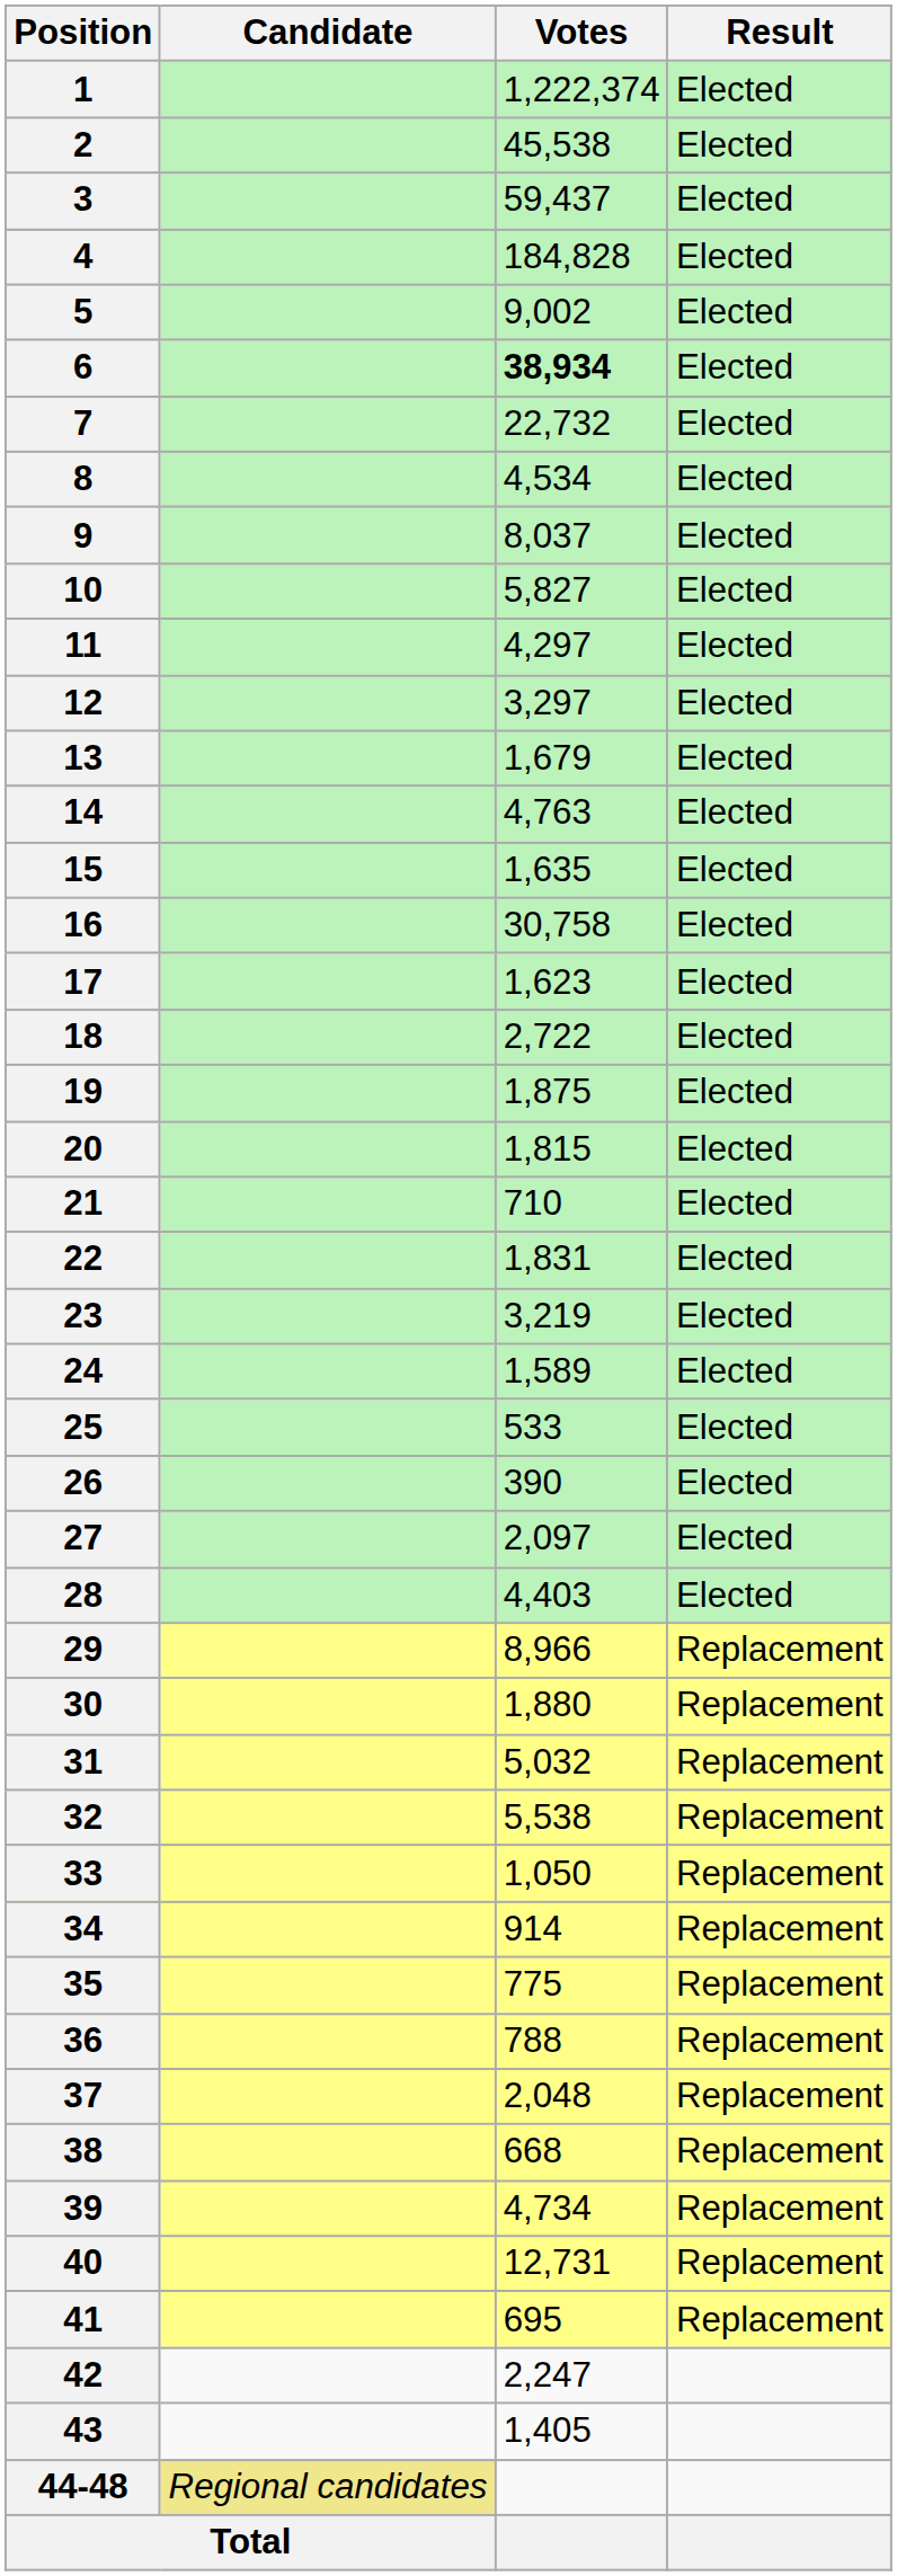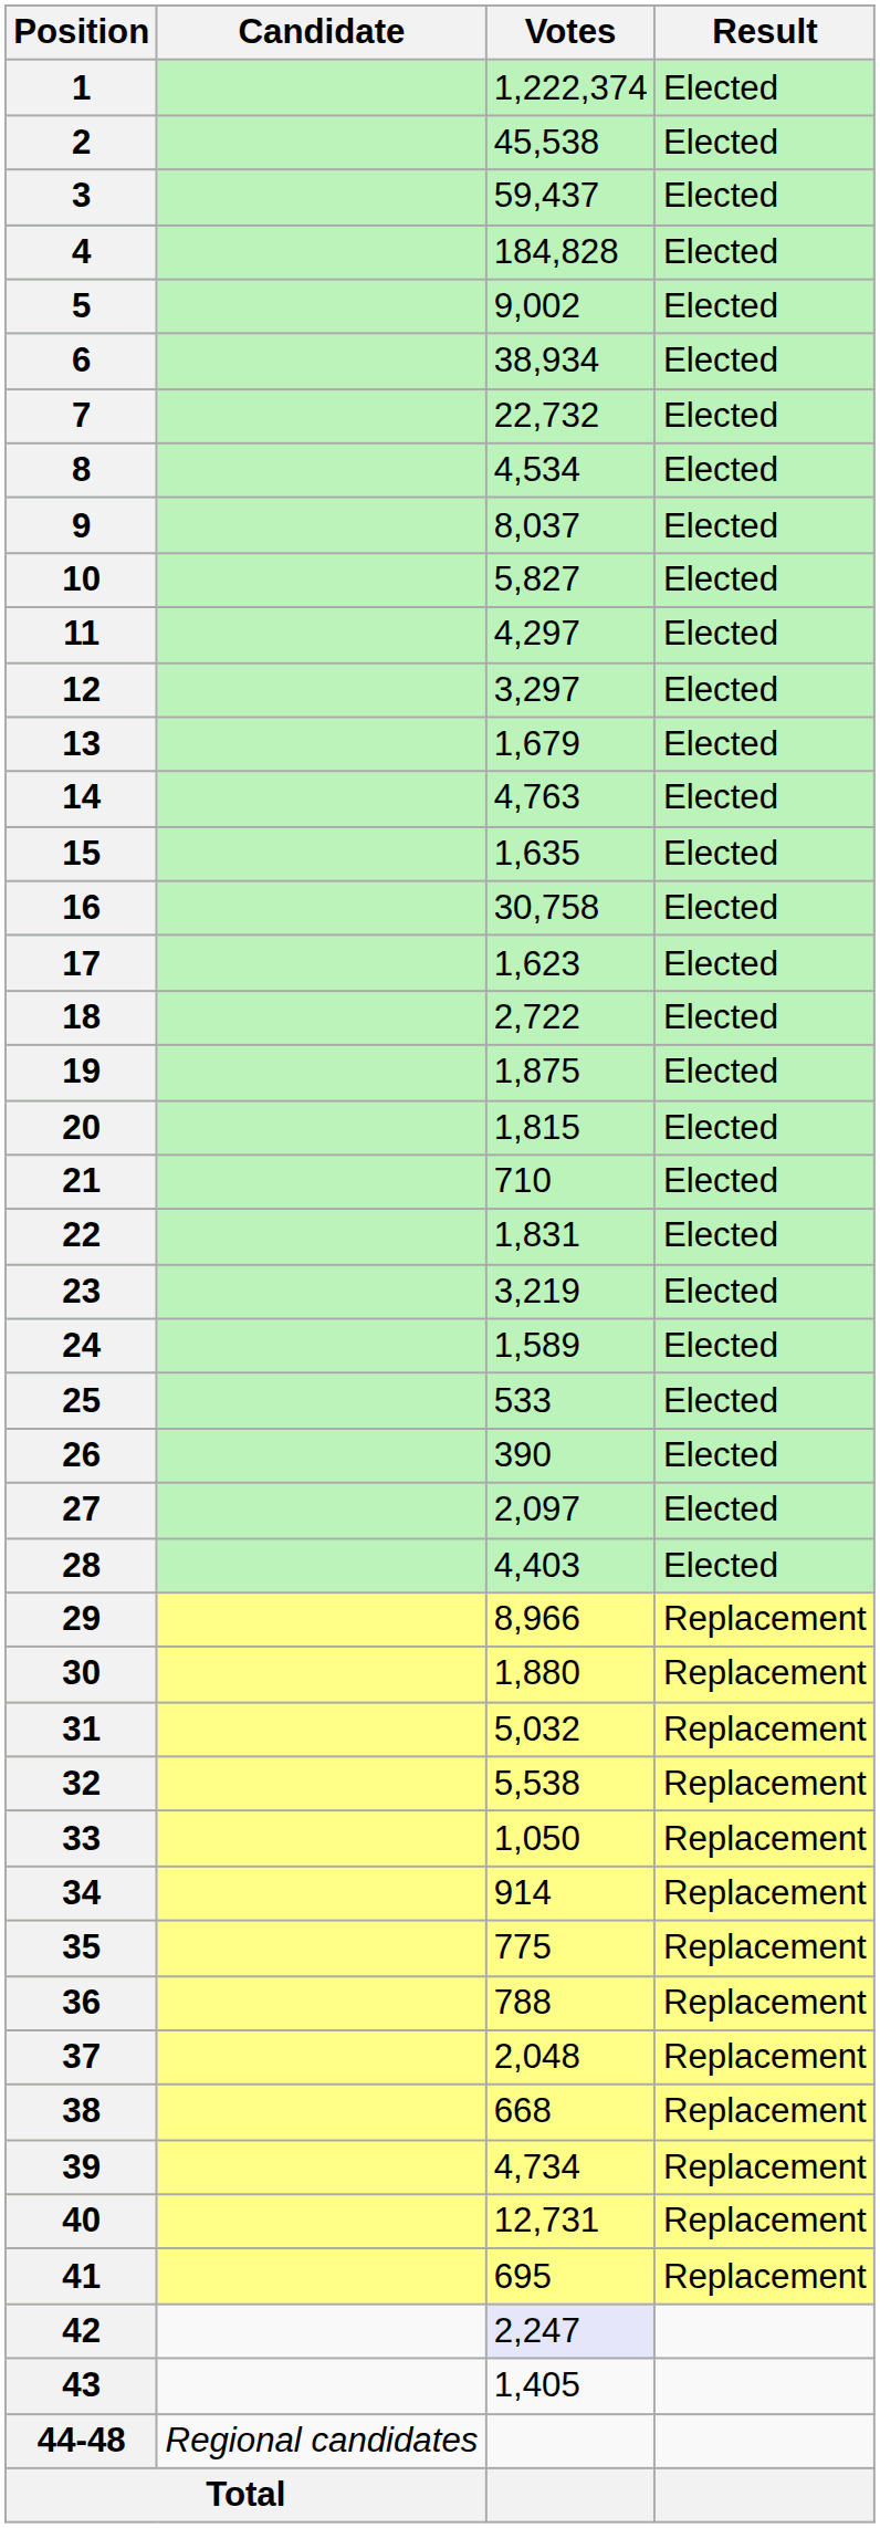 <table class="wikitable sortable col3right">
 <tr>
 <th scope="col">Position</th>
 <th scope="col">Candidate</th>
 <th scope="col">Votes</th>
 <th scope="col">Result</th>
 </tr>
 <tr bgcolor=bbf3bb>
 <th scope="row">1</th>
 <td></td>
 <td>1,222,374</td>
 <td>Elected</td>
 </tr>
 <tr bgcolor=bbf3bb>
 <th scope="row">2</th>
 <td></td>
 <td>45,538</td>
 <td>Elected</td>
 </tr>
 <tr bgcolor=bbf3bb>
 <th scope="row">3</th>
 <td></td>
 <td>59,437</td>
 <td>Elected</td>
 </tr>
 <tr bgcolor=bbf3bb>
 <th scope="row">4</th>
 <td></td>
 <td>184,828</td>
 <td>Elected</td>
 </tr>
 <tr bgcolor=bbf3bb>
 <th scope="row">5</th>
 <td></td>
 <td>9,002</td>
 <td>Elected</td>
 </tr>
 <tr bgcolor=bbf3bb>
 <th scope="row">6</th>
 <td></td>
-<td><strong>38,934</strong></td>
+<td>38,934</td>
 <td>Elected</td>
 </tr>
 <tr bgcolor=bbf3bb>
 <th scope="row">7</th>
 <td></td>
 <td>22,732</td>
 <td>Elected</td>
 </tr>
 <tr bgcolor=bbf3bb>
 <th scope="row">8</th>
 <td></td>
 <td>4,534</td>
 <td>Elected</td>
 </tr>
 <tr bgcolor=bbf3bb>
 <th scope="row">9</th>
 <td></td>
 <td>8,037</td>
 <td>Elected</td>
 </tr>
 <tr bgcolor=bbf3bb>
 <th scope="row">10</th>
 <td></td>
 <td>5,827</td>
 <td>Elected</td>
 </tr>
 <tr bgcolor=bbf3bb>
 <th scope="row">11</th>
 <td></td>
 <td>4,297</td>
 <td>Elected</td>
 </tr>
 <tr bgcolor=bbf3bb>
 <th scope="row">12</th>
 <td></td>
 <td>3,297</td>
 <td>Elected</td>
 </tr>
 <tr bgcolor=bbf3bb>
 <th scope="row">13</th>
 <td></td>
 <td>1,679</td>
 <td>Elected</td>
 </tr>
 <tr bgcolor=bbf3bb>
 <th scope="row">14</th>
 <td></td>
 <td>4,763</td>
 <td>Elected</td>
 </tr>
 <tr bgcolor=bbf3bb>
 <th scope="row">15</th>
 <td></td>
 <td>1,635</td>
 <td>Elected</td>
 </tr>
 <tr bgcolor=bbf3bb>
 <th scope="row">16</th>
 <td></td>
 <td>30,758</td>
 <td>Elected</td>
 </tr>
 <tr bgcolor=bbf3bb>
 <th scope="row">17</th>
 <td></td>
 <td>1,623</td>
 <td>Elected</td>
 </tr>
 <tr bgcolor=bbf3bb>
 <th scope="row">18</th>
 <td></td>
 <td>2,722</td>
 <td>Elected</td>
 </tr>
 <tr bgcolor=bbf3bb>
 <th scope="row">19</th>
 <td></td>
 <td>1,875</td>
 <td>Elected</td>
 </tr>
 <tr bgcolor=bbf3bb>
 <th scope="row">20</th>
 <td></td>
 <td>1,815</td>
 <td>Elected</td>
 </tr>
 <tr bgcolor=bbf3bb>
 <th scope="row">21</th>
 <td></td>
 <td>710</td>
 <td>Elected</td>
 </tr>
 <tr bgcolor=bbf3bb>
 <th scope="row">22</th>
 <td></td>
 <td>1,831</td>
 <td>Elected</td>
 </tr>
 <tr bgcolor=bbf3bb>
 <th scope="row">23</th>
 <td></td>
 <td>3,219</td>
 <td>Elected</td>
 </tr>
 <tr bgcolor=bbf3bb>
 <th scope="row">24</th>
 <td></td>
 <td>1,589</td>
 <td>Elected</td>
 </tr>
 <tr bgcolor=bbf3bb>
 <th scope="row">25</th>
 <td></td>
 <td>533</td>
 <td>Elected</td>
 </tr>
 <tr bgcolor=bbf3bb>
 <th scope="row">26</th>
 <td></td>
 <td>390</td>
 <td>Elected</td>
 </tr>
 <tr bgcolor=bbf3bb>
 <th scope="row">27</th>
 <td></td>
 <td>2,097</td>
 <td>Elected</td>
 </tr>
 <tr bgcolor=bbf3bb>
 <th scope="row">28</th>
 <td></td>
 <td>4,403</td>
 <td>Elected</td>
 </tr>
 <tr bgcolor=#FF8>
 <th scope="row">29</th>
 <td></td>
 <td>8,966</td>
 <td>Replacement</td>
 </tr>
 <tr bgcolor=#FF8>
 <th scope="row">30</th>
 <td></td>
 <td>1,880</td>
 <td>Replacement</td>
 </tr>
 <tr bgcolor=#FF8>
 <th scope="row">31</th>
 <td></td>
 <td>5,032</td>
 <td>Replacement</td>
 </tr>
 <tr bgcolor=#FF8>
 <th scope="row">32</th>
 <td></td>
 <td>5,538</td>
 <td>Replacement</td>
 </tr>
 <tr bgcolor=#FF8>
 <th scope="row">33</th>
 <td></td>
 <td>1,050</td>
 <td>Replacement</td>
 </tr>
 <tr bgcolor=#FF8>
 <th scope="row">34</th>
 <td></td>
 <td>914</td>
 <td>Replacement</td>
 </tr>
 <tr bgcolor=#FF8>
 <th scope="row">35</th>
 <td></td>
 <td>775</td>
 <td>Replacement</td>
 </tr>
 <tr bgcolor=#FF8>
 <th scope="row">36</th>
 <td></td>
 <td>788</td>
 <td>Replacement</td>
 </tr>
 <tr bgcolor=#FF8>
 <th scope="row">37</th>
 <td></td>
 <td>2,048</td>
 <td>Replacement</td>
 </tr>
 <tr bgcolor=#FF8>
 <th scope="row">38</th>
 <td></td>
 <td>668</td>
 <td>Replacement</td>
 </tr>
 <tr bgcolor=#FF8>
 <th scope="row">39</th>
 <td></td>
 <td>4,734</td>
 <td>Replacement</td>
 </tr>
 <tr bgcolor=#FF8>
 <th scope="row">40</th>
 <td></td>
 <td>12,731</td>
 <td>Replacement</td>
 </tr>
 <tr bgcolor=#FF8>
 <th scope="row">41</th>
 <td></td>
 <td>695</td>
 <td>Replacement</td>
 </tr>
 <tr>
 <th scope="row">42</th>
 <td></td>
-<td>2,247</td>
+<td style="background: lavender;">2,247</td>
 <td></td>
 </tr>
 <tr>
 <th scope="row">43</th>
 <td></td>
 <td>1,405</td>
 <td></td>
 </tr>
 <tr>
 <th scope="row">44-48</th>
-<td style="background: khaki;"><em>Regional candidates</em></td>
+<td><em>Regional candidates</em></td>
 <td></td>
 <td></td>
 </tr>
 <tr class="sortbottom">
 <th scope="row" colspan="2">Total</th>
 <th></th>
 <th></th>
 </tr>
 </table>
